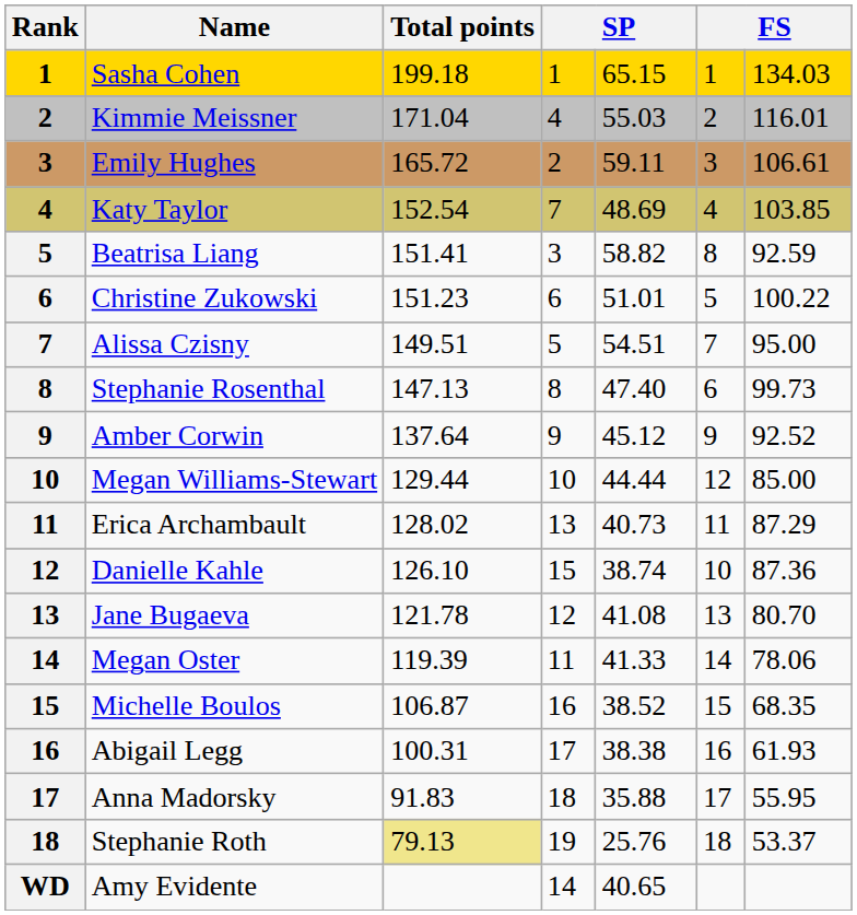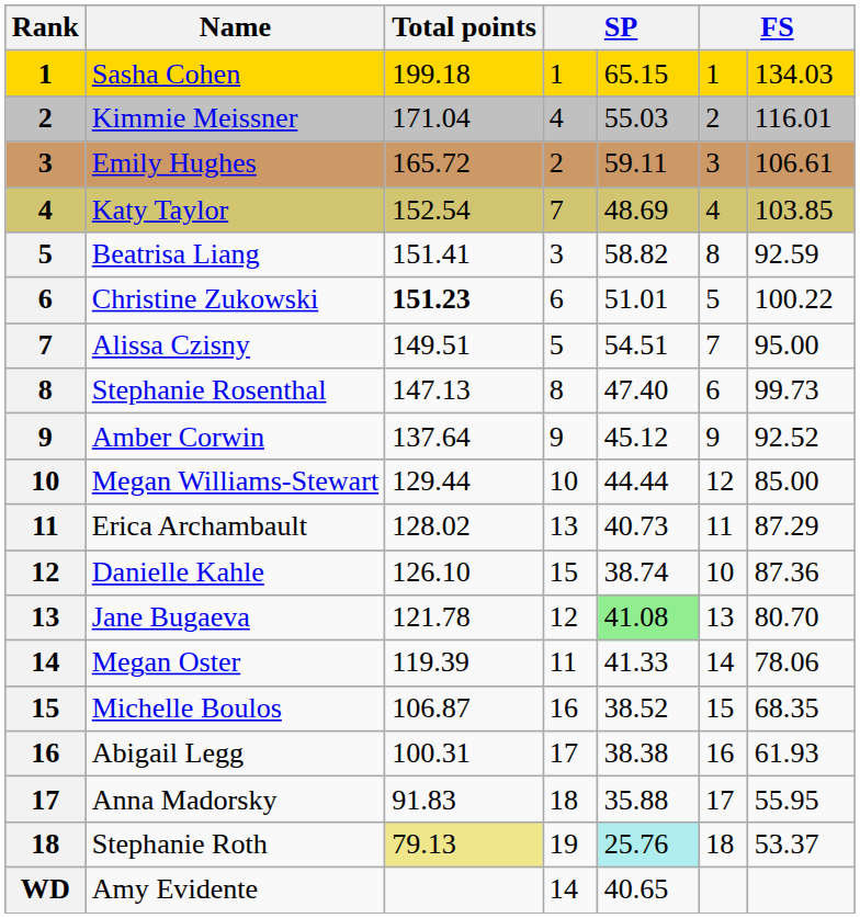 <table class="wikitable sortable">
 <tr>
 <th>Rank</th>
 <th>Name</th>
 <th>Total points</th>
 <th colspan="2" width="80px"><a href='#'>SP</a></th>
 <th colspan="2" width="80px"><a href='#'>FS</a></th>
 </tr>
 <tr bgcolor="gold">
 <td align="center"><strong>1</strong></td>
 <td><a href='#'>Sasha Cohen</a></td>
 <td>199.18</td>
 <td>1</td>
 <td>65.15</td>
 <td>1</td>
 <td>134.03</td>
 </tr>
 <tr bgcolor="silver">
 <td align="center"><strong>2</strong></td>
 <td><a href='#'>Kimmie Meissner</a></td>
 <td>171.04</td>
 <td>4</td>
 <td>55.03</td>
 <td>2</td>
 <td>116.01</td>
 </tr>
 <tr bgcolor="cc9966">
 <td align="center"><strong>3</strong></td>
 <td><a href='#'>Emily Hughes</a></td>
 <td>165.72</td>
 <td>2</td>
 <td>59.11</td>
 <td>3</td>
 <td>106.61</td>
 </tr>
 <tr bgcolor="#d1c571">
 <td align="center"><strong>4</strong></td>
 <td><a href='#'>Katy Taylor</a></td>
 <td>152.54</td>
 <td>7</td>
 <td>48.69</td>
 <td>4</td>
 <td>103.85</td>
 </tr>
 <tr>
 <th>5</th>
 <td><a href='#'>Beatrisa Liang</a></td>
 <td>151.41</td>
 <td>3</td>
 <td>58.82</td>
 <td>8</td>
 <td>92.59</td>
 </tr>
 <tr>
 <th>6</th>
 <td><a href='#'>Christine Zukowski</a></td>
-<td>151.23</td>
+<td><strong>151.23</strong></td>
 <td>6</td>
 <td>51.01</td>
 <td>5</td>
 <td>100.22</td>
 </tr>
 <tr>
 <th>7</th>
 <td><a href='#'>Alissa Czisny</a></td>
 <td>149.51</td>
 <td>5</td>
 <td>54.51</td>
 <td>7</td>
 <td>95.00</td>
 </tr>
 <tr>
 <th>8</th>
 <td><a href='#'>Stephanie Rosenthal</a></td>
 <td>147.13</td>
 <td>8</td>
 <td>47.40</td>
 <td>6</td>
 <td>99.73</td>
 </tr>
 <tr>
 <th>9</th>
 <td><a href='#'>Amber Corwin</a></td>
 <td>137.64</td>
 <td>9</td>
 <td>45.12</td>
 <td>9</td>
 <td>92.52</td>
 </tr>
 <tr>
 <th>10</th>
 <td><a href='#'>Megan Williams-Stewart</a></td>
 <td>129.44</td>
 <td>10</td>
 <td>44.44</td>
 <td>12</td>
 <td>85.00</td>
 </tr>
 <tr>
 <th>11</th>
 <td>Erica Archambault</td>
 <td>128.02</td>
 <td>13</td>
 <td>40.73</td>
 <td>11</td>
 <td>87.29</td>
 </tr>
 <tr>
 <th>12</th>
 <td><a href='#'>Danielle Kahle</a></td>
 <td>126.10</td>
 <td>15</td>
 <td>38.74</td>
 <td>10</td>
 <td>87.36</td>
 </tr>
 <tr>
 <th>13</th>
 <td><a href='#'>Jane Bugaeva</a></td>
 <td>121.78</td>
 <td>12</td>
-<td>41.08</td>
+<td style="background: lightgreen;">41.08</td>
 <td>13</td>
 <td>80.70</td>
 </tr>
 <tr>
 <th>14</th>
 <td><a href='#'>Megan Oster</a></td>
 <td>119.39</td>
 <td>11</td>
 <td>41.33</td>
 <td>14</td>
 <td>78.06</td>
 </tr>
 <tr>
 <th>15</th>
 <td><a href='#'>Michelle Boulos</a></td>
 <td>106.87</td>
 <td>16</td>
 <td>38.52</td>
 <td>15</td>
 <td>68.35</td>
 </tr>
 <tr>
 <th>16</th>
 <td>Abigail Legg</td>
 <td>100.31</td>
 <td>17</td>
 <td>38.38</td>
 <td>16</td>
 <td>61.93</td>
 </tr>
 <tr>
 <th>17</th>
 <td>Anna Madorsky</td>
 <td>91.83</td>
 <td>18</td>
 <td>35.88</td>
 <td>17</td>
 <td>55.95</td>
 </tr>
 <tr>
 <th>18</th>
 <td>Stephanie Roth</td>
 <td style="background: khaki;">79.13</td>
 <td>19</td>
-<td>25.76</td>
+<td style="background: paleturquoise;">25.76</td>
 <td>18</td>
 <td>53.37</td>
 </tr>
 <tr>
 <th>WD</th>
 <td>Amy Evidente</td>
 <td></td>
 <td>14</td>
 <td>40.65</td>
 <td></td>
 <td></td>
 </tr>
 </table>
